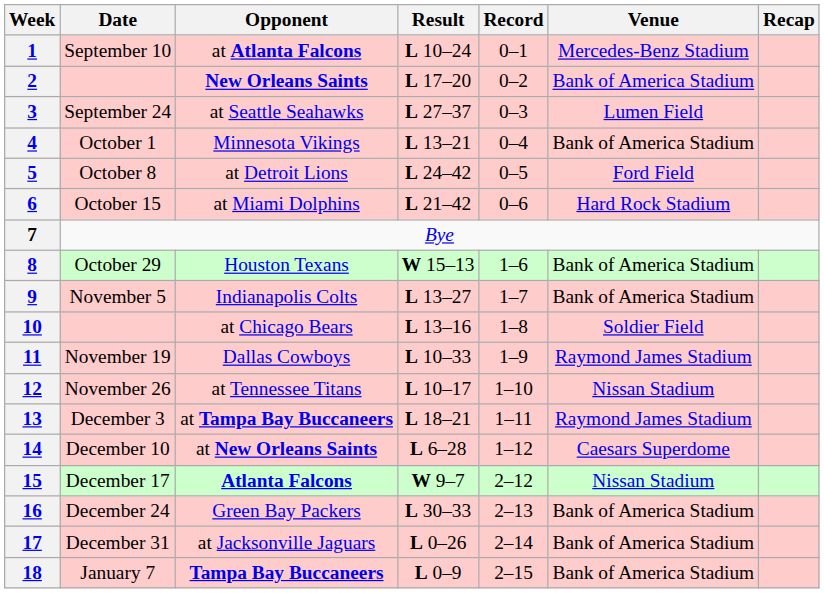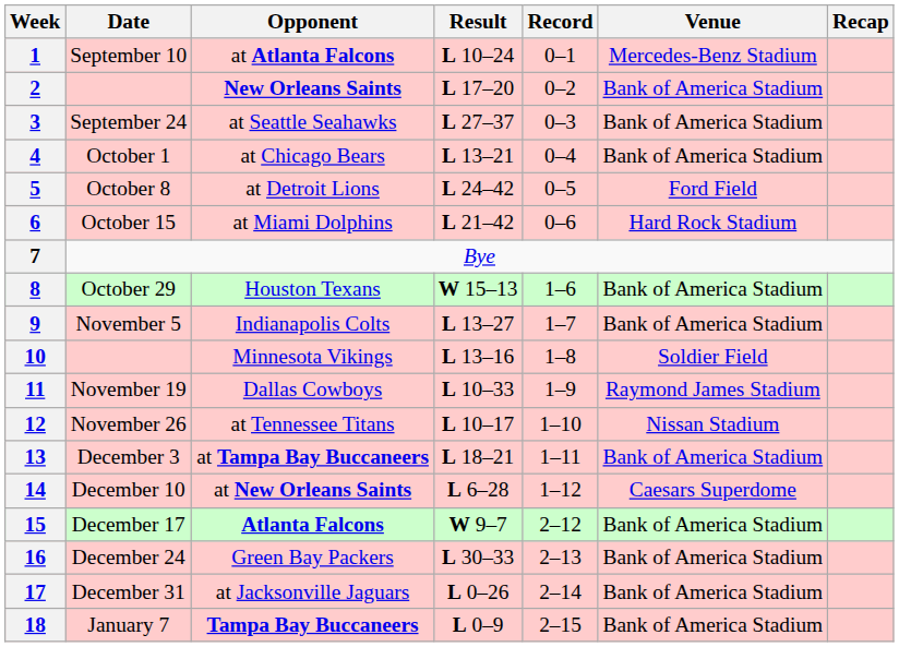 <table class="wikitable" style="text-align:center">
 <tr>
 <th>Week</th>
 <th>Date</th>
 <th>Opponent</th>
 <th>Result</th>
 <th>Record</th>
 <th>Venue</th>
 <th>Recap</th>
 </tr>
 <tr style="background:#fcc">
 <th><a href='#'>1</a></th>
 <td>September 10</td>
 <td>at <strong><a href='#'>Atlanta Falcons</a></strong></td>
 <td><strong>L</strong> 10–24</td>
 <td>0–1</td>
 <td><a href='#'>Mercedes-Benz Stadium</a></td>
 <td></td>
 </tr>
 <tr style="background:#fcc">
 <th><a href='#'>2</a></th>
 <td></td>
 <td><strong><a href='#'>New Orleans Saints</a></strong></td>
 <td><strong>L</strong> 17–20</td>
 <td>0–2</td>
 <td><a href='#'>Bank of America Stadium</a></td>
 <td></td>
 </tr>
 <tr style="background:#fcc">
 <th><a href='#'>3</a></th>
 <td>September 24</td>
 <td>at <a href='#'>Seattle Seahawks</a></td>
 <td><strong>L</strong> 27–37</td>
 <td>0–3</td>
-<td><a href='#'>Lumen Field</a></td>
+<td>Bank of America Stadium</td>
 <td></td>
 </tr>
 <tr style="background:#fcc">
 <th><a href='#'>4</a></th>
 <td>October 1</td>
-<td><a href='#'>Minnesota Vikings</a></td>
+<td>at <a href='#'>Chicago Bears</a></td>
 <td><strong>L</strong> 13–21</td>
 <td>0–4</td>
 <td>Bank of America Stadium</td>
 <td></td>
 </tr>
 <tr style="background:#fcc">
 <th><a href='#'>5</a></th>
 <td>October 8</td>
 <td>at <a href='#'>Detroit Lions</a></td>
 <td><strong>L</strong> 24–42</td>
 <td>0–5</td>
 <td><a href='#'>Ford Field</a></td>
 <td></td>
 </tr>
 <tr style="background:#fcc">
 <th><a href='#'>6</a></th>
 <td>October 15</td>
 <td>at <a href='#'>Miami Dolphins</a></td>
 <td><strong>L</strong> 21–42</td>
 <td>0–6</td>
 <td><a href='#'>Hard Rock Stadium</a></td>
 <td></td>
 </tr>
 <tr>
 <th>7</th>
 <td colspan="6"><em><a href='#'>Bye</a></em></td>
 </tr>
 <tr style="background:#cfc">
 <th><a href='#'>8</a></th>
 <td>October 29</td>
 <td><a href='#'>Houston Texans</a></td>
 <td><strong>W</strong> 15–13</td>
 <td>1–6</td>
 <td>Bank of America Stadium</td>
 <td></td>
 </tr>
 <tr style="background:#fcc">
 <th><a href='#'>9</a></th>
 <td>November 5</td>
 <td><a href='#'>Indianapolis Colts</a></td>
 <td><strong>L</strong> 13–27</td>
 <td>1–7</td>
 <td>Bank of America Stadium</td>
 <td></td>
 </tr>
 <tr style="background:#fcc">
 <th><a href='#'>10</a></th>
 <td></td>
-<td>at <a href='#'>Chicago Bears</a></td>
+<td><a href='#'>Minnesota Vikings</a></td>
 <td><strong>L</strong> 13–16</td>
 <td>1–8</td>
 <td><a href='#'>Soldier Field</a></td>
 <td></td>
 </tr>
 <tr style="background:#fcc">
 <th><a href='#'>11</a></th>
 <td>November 19</td>
 <td><a href='#'>Dallas Cowboys</a></td>
 <td><strong>L</strong> 10–33</td>
 <td>1–9</td>
 <td><a href='#'>Raymond James Stadium</a></td>
 <td></td>
 </tr>
 <tr style="background:#fcc">
 <th><a href='#'>12</a></th>
 <td>November 26</td>
 <td>at <a href='#'>Tennessee Titans</a></td>
 <td><strong>L</strong> 10–17</td>
 <td>1–10</td>
 <td><a href='#'>Nissan Stadium</a></td>
 <td></td>
 </tr>
 <tr style="background:#fcc">
 <th><a href='#'>13</a></th>
 <td>December 3</td>
 <td>at <strong><a href='#'>Tampa Bay Buccaneers</a></strong></td>
 <td><strong>L</strong> 18–21</td>
 <td>1–11</td>
-<td><a href='#'>Raymond James Stadium</a></td>
+<td><a href='#'>Bank of America Stadium</a></td>
 <td></td>
 </tr>
 <tr style="background:#fcc">
 <th><a href='#'>14</a></th>
 <td>December 10</td>
 <td>at <strong><a href='#'>New Orleans Saints</a></strong></td>
 <td><strong>L</strong> 6–28</td>
 <td>1–12</td>
 <td><a href='#'>Caesars Superdome</a></td>
 <td></td>
 </tr>
 <tr style="background:#cfc">
 <th><a href='#'>15</a></th>
 <td>December 17</td>
 <td><strong><a href='#'>Atlanta Falcons</a></strong></td>
 <td><strong>W</strong> 9–7</td>
 <td>2–12</td>
-<td><a href='#'>Nissan Stadium</a></td>
+<td>Bank of America Stadium</td>
 <td></td>
 </tr>
 <tr style="background:#fcc">
 <th><a href='#'>16</a></th>
 <td>December 24</td>
 <td><a href='#'>Green Bay Packers</a></td>
 <td><strong>L</strong> 30–33</td>
 <td>2–13</td>
 <td>Bank of America Stadium</td>
 <td></td>
 </tr>
 <tr style="background:#fcc">
 <th><a href='#'>17</a></th>
 <td>December 31</td>
 <td>at <a href='#'>Jacksonville Jaguars</a></td>
 <td><strong>L</strong> 0–26</td>
 <td>2–14</td>
 <td>Bank of America Stadium</td>
 <td></td>
 </tr>
 <tr style="background:#fcc">
 <th><a href='#'>18</a></th>
 <td>January 7</td>
 <td><strong><a href='#'>Tampa Bay Buccaneers</a></strong></td>
 <td><strong>L</strong> 0–9</td>
 <td>2–15</td>
 <td>Bank of America Stadium</td>
 <td></td>
 </tr>
 </table>
